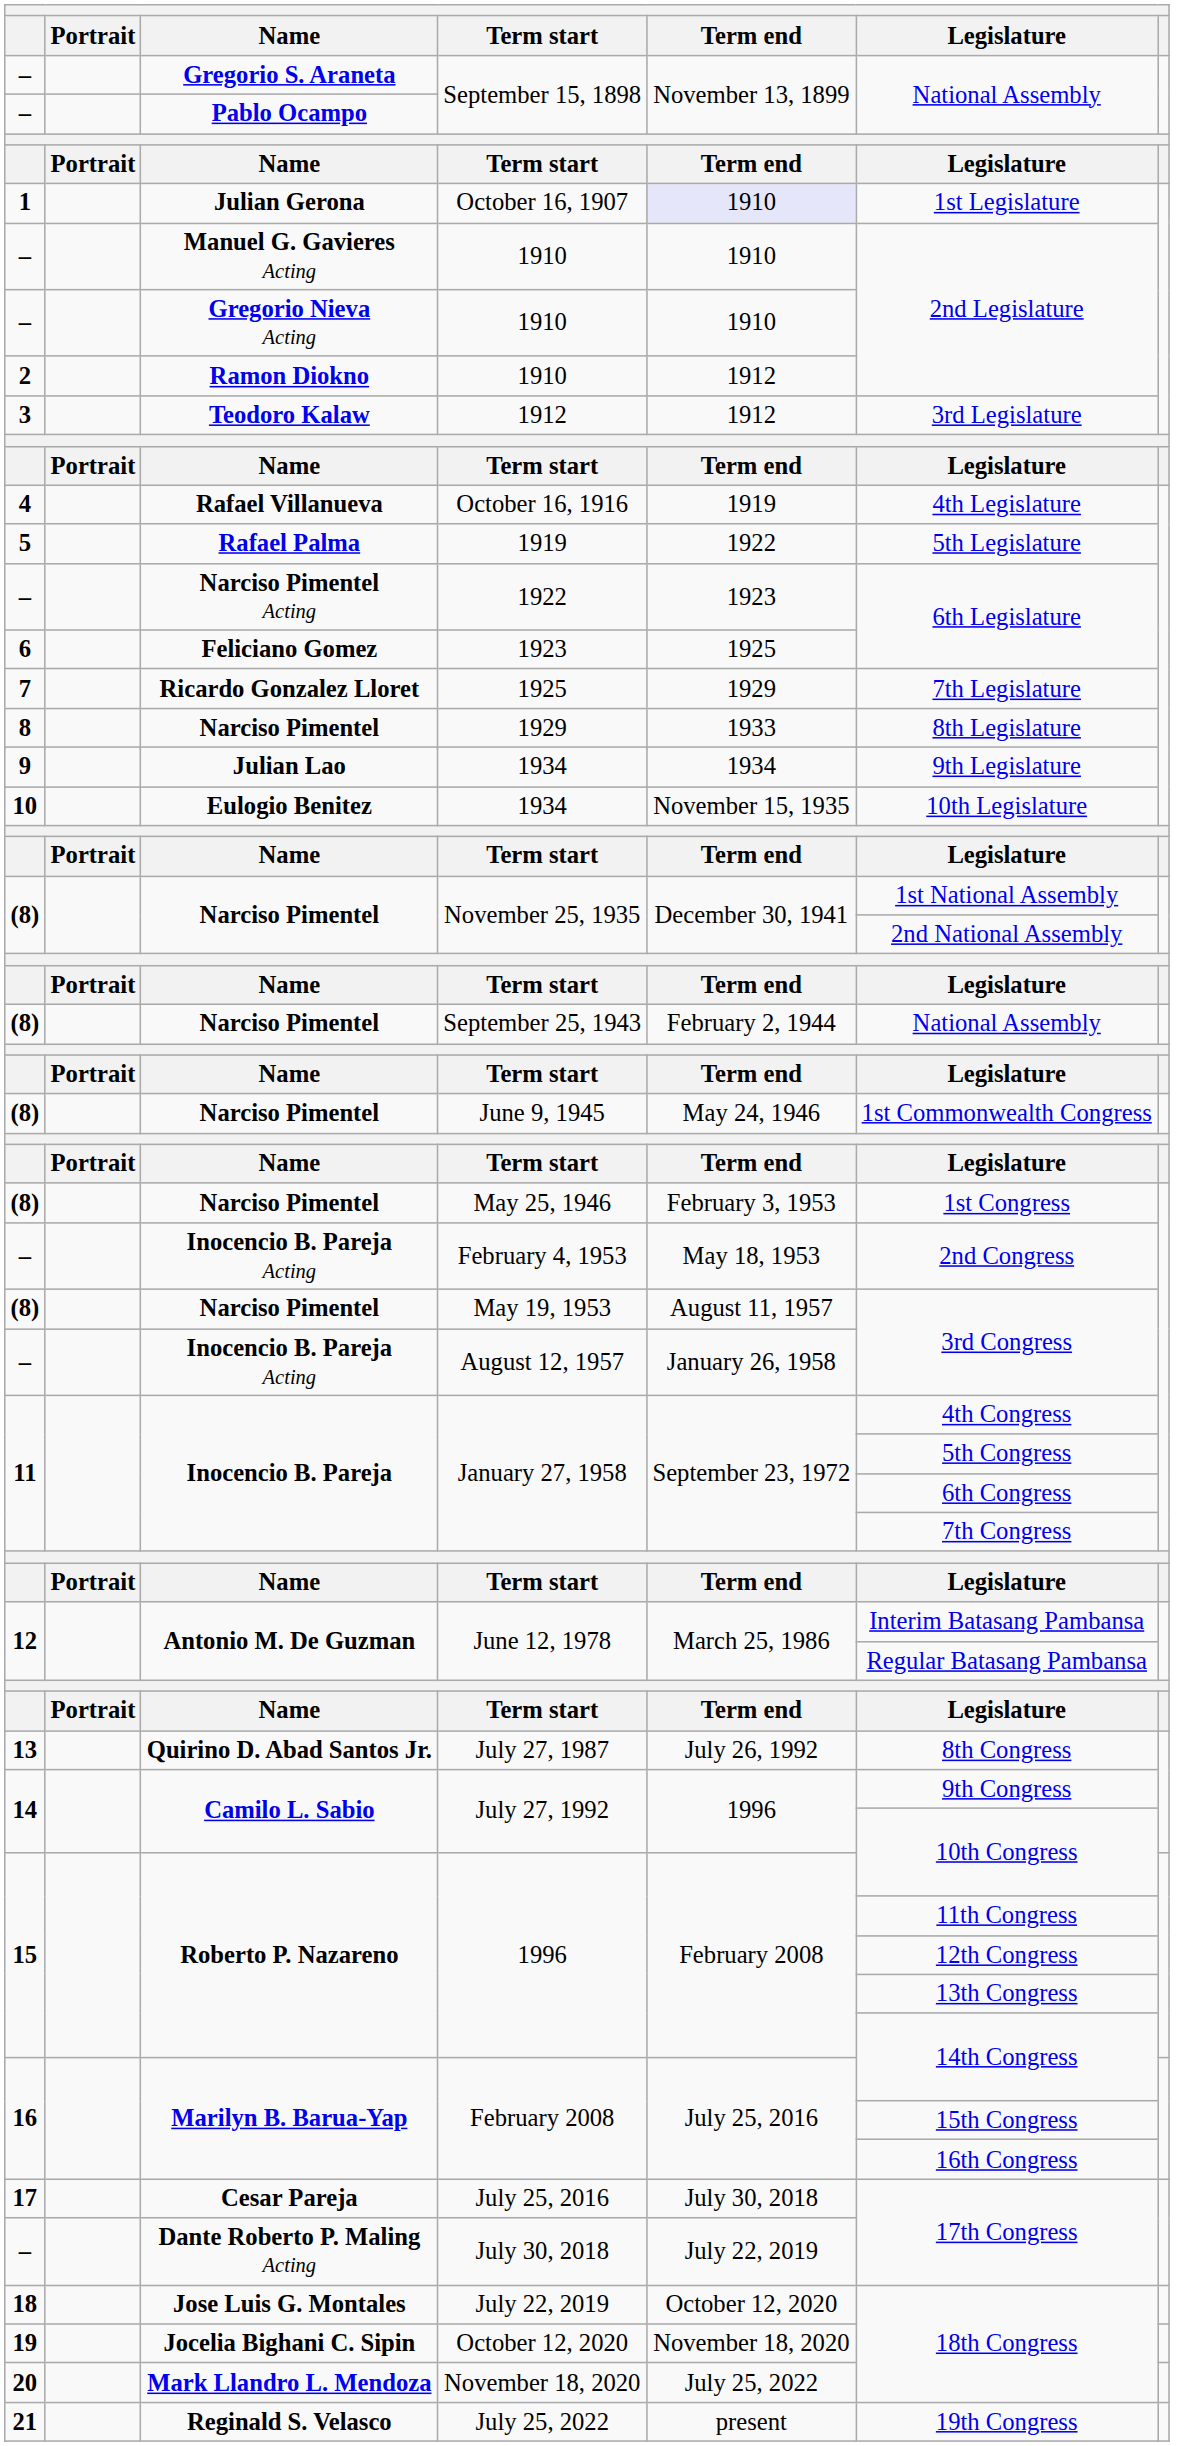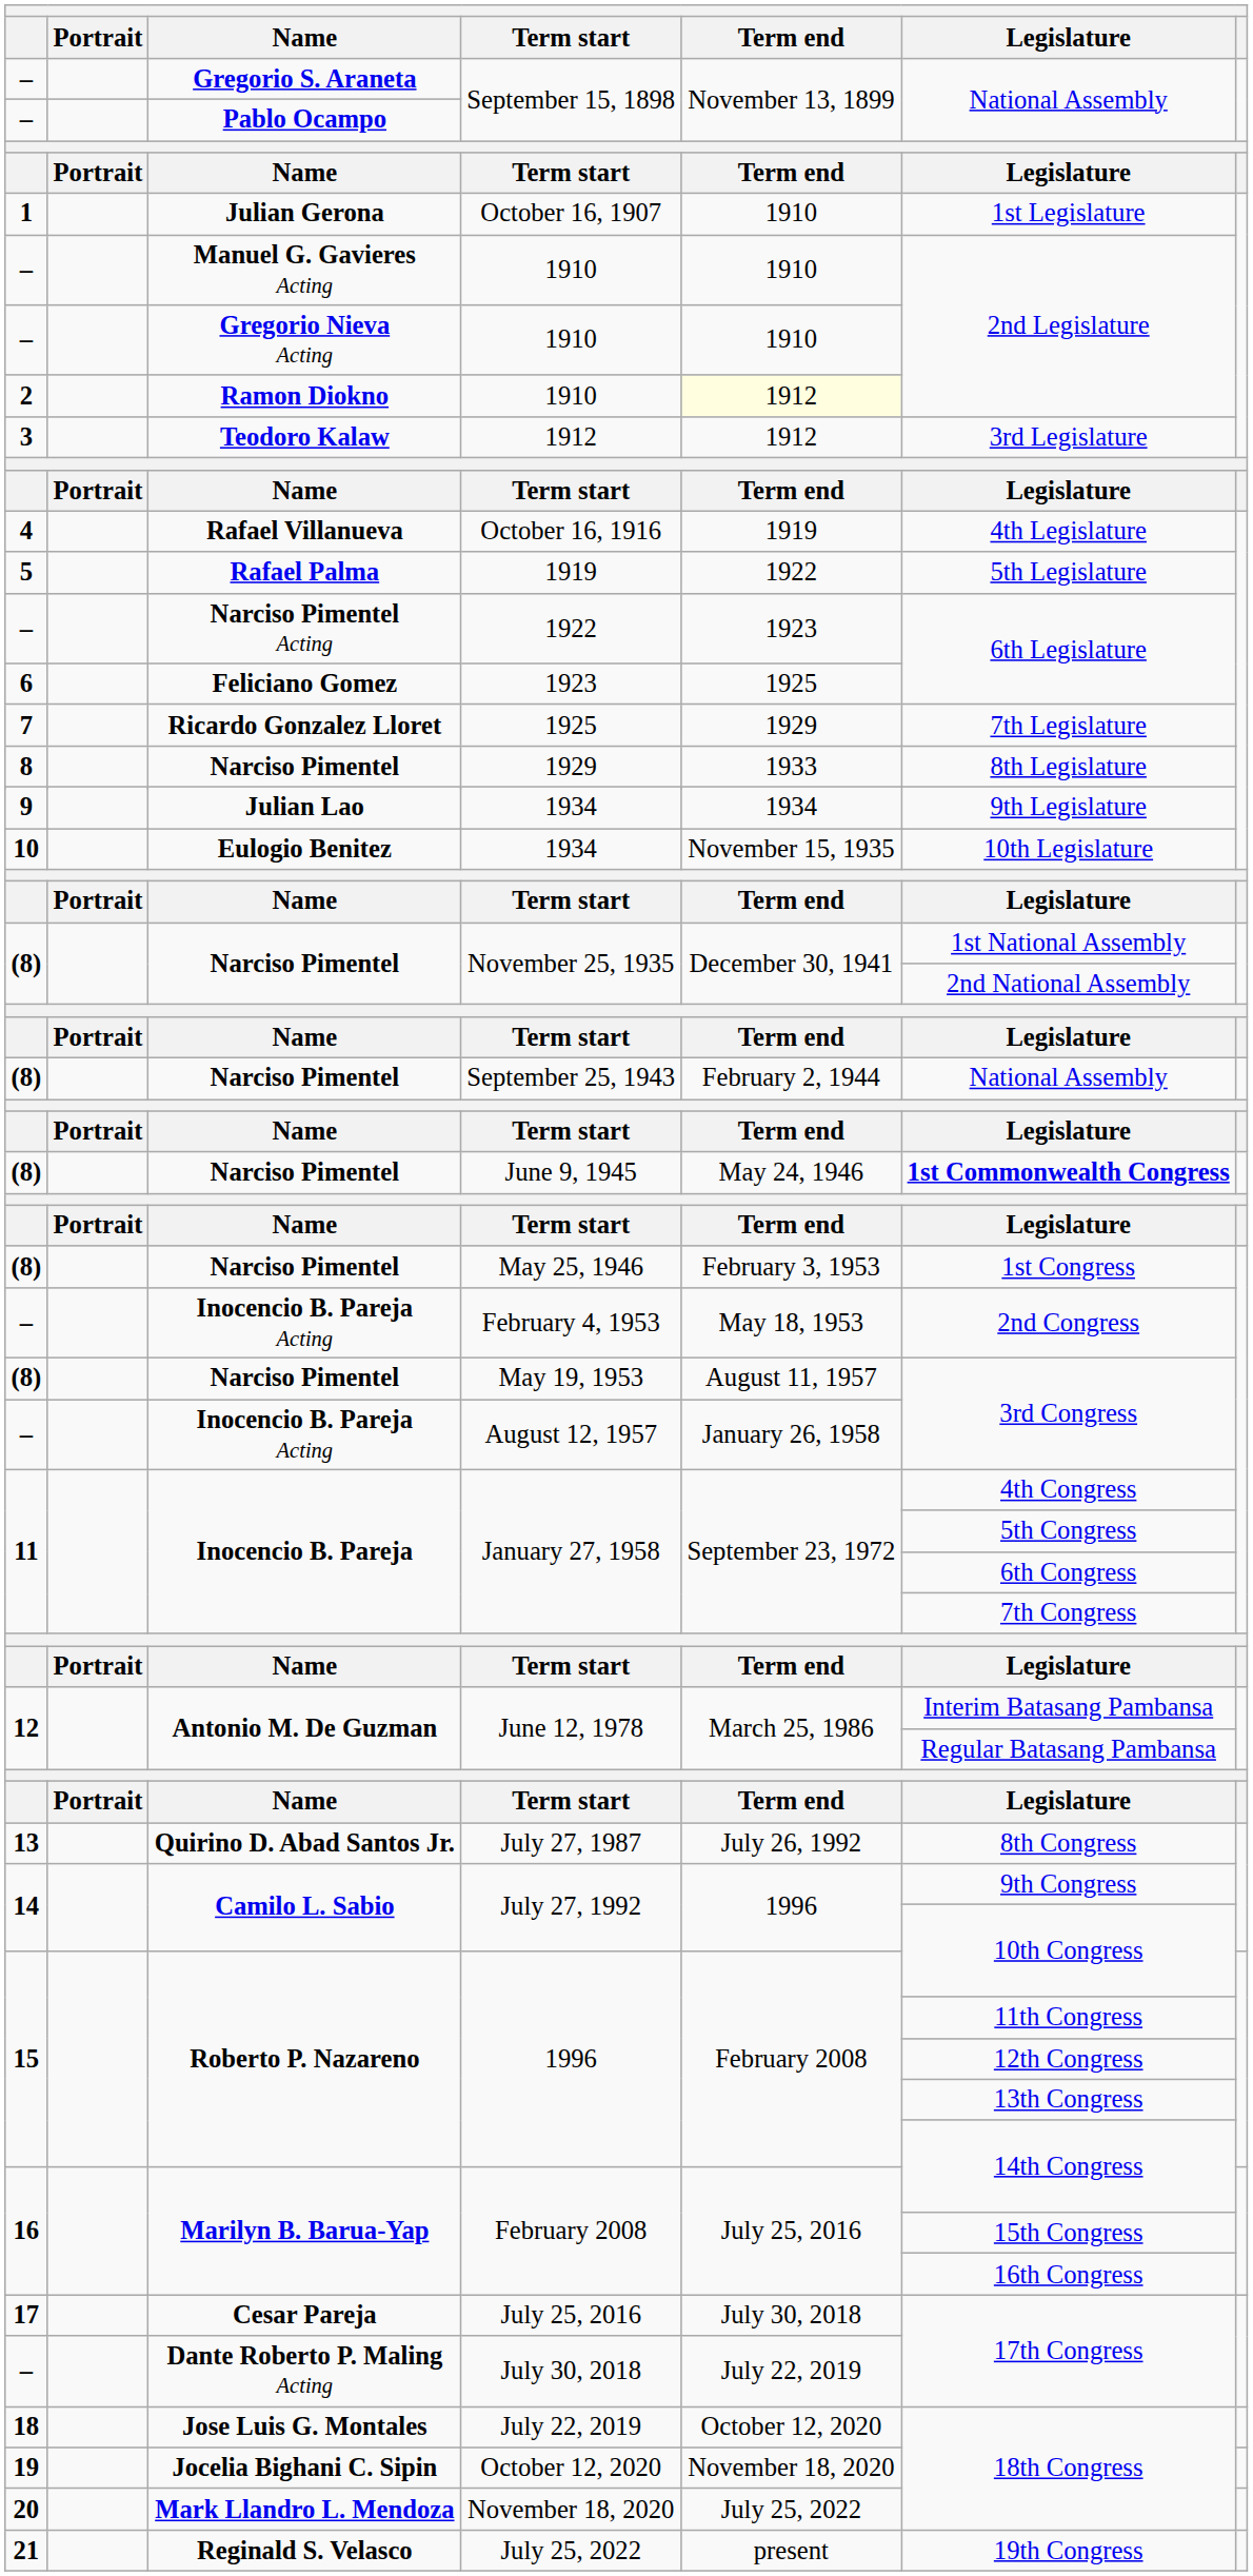 <table class="wikitable" style="text-align:center; border:1px #aaf solid;">
 <tr>
 <th colspan="7"></th>
 </tr>
 <tr>
 <th></th>
 <th>Portrait</th>
 <th>Name</th>
 <th>Term start</th>
 <th>Term end</th>
 <th>Legislature</th>
 <th></th>
 </tr>
 <tr>
 <td><strong>–</strong></td>
 <td></td>
 <td><strong><a href='#'>Gregorio S. Araneta</a></strong></td>
 <td rowspan="2">September 15, 1898</td>
 <td rowspan="2">November 13, 1899</td>
 <td rowspan="2"><a href='#'>National Assembly</a></td>
 <td rowspan="2"></td>
 </tr>
 <tr>
 <td><strong>–</strong></td>
 <td></td>
 <td><a href='#'><strong>Pablo Ocampo</strong></a></td>
 </tr>
 <tr>
 <th colspan="7"></th>
 </tr>
 <tr>
 <th></th>
 <th>Portrait</th>
 <th>Name</th>
 <th>Term start</th>
 <th>Term end</th>
 <th>Legislature</th>
 <th></th>
 </tr>
 <tr>
 <td><strong>1</strong></td>
 <td></td>
 <td><strong>Julian Gerona</strong></td>
 <td>October 16, 1907</td>
-<td style="background: lavender;">1910</td>
+<td>1910</td>
 <td><a href='#'>1st Legislature</a></td>
 <td rowspan="5"></td>
 </tr>
 <tr>
 <td><strong>–</strong></td>
 <td></td>
 <td><strong>Manuel G. Gavieres</strong><br><small><em>Acting</em></small></td>
 <td>1910</td>
 <td>1910</td>
 <td rowspan="3"><a href='#'>2nd Legislature</a></td>
 </tr>
 <tr>
 <td><strong>–</strong></td>
 <td></td>
 <td><a href='#'><strong>Gregorio Nieva</strong></a><br><small><em>Acting</em></small></td>
 <td>1910</td>
 <td>1910</td>
 </tr>
 <tr>
 <td><strong>2</strong></td>
 <td></td>
 <td><a href='#'><strong>Ramon Diokno</strong></a></td>
 <td>1910</td>
-<td>1912</td>
+<td style="background: lightyellow;">1912</td>
 </tr>
 <tr>
 <td><strong>3</strong></td>
 <td></td>
 <td><a href='#'><strong>Teodoro Kalaw</strong></a></td>
 <td>1912</td>
 <td>1912</td>
 <td><a href='#'>3rd Legislature</a></td>
 </tr>
 <tr>
 <th colspan="7"></th>
 </tr>
 <tr>
 <th></th>
 <th>Portrait</th>
 <th>Name</th>
 <th>Term start</th>
 <th>Term end</th>
 <th>Legislature</th>
 <th></th>
 </tr>
 <tr>
 <td><strong>4</strong></td>
 <td></td>
 <td><strong>Rafael Villanueva</strong></td>
 <td>October 16, 1916</td>
 <td>1919</td>
 <td><a href='#'>4th Legislature</a></td>
 <td rowspan="11"></td>
 </tr>
 <tr>
 <td><strong>5</strong></td>
 <td></td>
 <td><a href='#'><strong>Rafael Palma</strong></a></td>
 <td>1919</td>
 <td>1922</td>
 <td><a href='#'>5th Legislature</a></td>
 </tr>
 <tr>
 <td><strong>–</strong></td>
 <td></td>
 <td><strong>Narciso Pimentel</strong><br><small><em>Acting</em></small></td>
 <td>1922</td>
 <td>1923</td>
 <td rowspan="2"><a href='#'>6th Legislature</a></td>
 </tr>
 <tr>
 <td><strong>6</strong></td>
 <td></td>
 <td><strong>Feliciano Gomez</strong></td>
 <td>1923</td>
 <td>1925</td>
 </tr>
 <tr>
 <td rowspan="2"><strong>7</strong></td>
 <td rowspan="2"></td>
 <td rowspan="2"><strong>Ricardo Gonzalez Lloret</strong></td>
 <td rowspan="2">1925</td>
 <td rowspan="2">1929</td>
 <td><a href='#'>7th Legislature</a></td>
 </tr>
 <tr>
 <td rowspan="2"><a href='#'>8th Legislature</a></td>
 </tr>
 <tr>
 <td rowspan="2"><strong>8</strong></td>
 <td rowspan="2"></td>
 <td rowspan="2"><strong>Narciso Pimentel</strong></td>
 <td rowspan="2">1929</td>
 <td rowspan="2">1933</td>
 </tr>
 <tr>
 <td rowspan="3"><a href='#'>9th Legislature</a></td>
 </tr>
 <tr>
 <td><strong>9</strong></td>
 <td></td>
 <td><strong>Julian Lao</strong></td>
 <td>1934</td>
 <td>1934</td>
 </tr>
 <tr>
 <td rowspan="2"><strong>10</strong></td>
 <td rowspan="2"></td>
 <td rowspan="2"><strong>Eulogio Benitez</strong></td>
 <td rowspan="2">1934</td>
 <td rowspan="2">November 15, 1935</td>
 </tr>
 <tr>
 <td><a href='#'>10th Legislature</a></td>
 </tr>
 <tr>
 <th colspan="7"></th>
 </tr>
 <tr>
 <th></th>
 <th>Portrait</th>
 <th>Name</th>
 <th>Term start</th>
 <th>Term end</th>
 <th>Legislature</th>
 <th></th>
 </tr>
 <tr>
 <td rowspan="2"><strong>(8)</strong></td>
 <td rowspan="2"></td>
 <td rowspan="2"><strong>Narciso Pimentel</strong></td>
 <td rowspan="2">November 25, 1935</td>
 <td rowspan="2">December 30, 1941</td>
 <td><a href='#'>1st National Assembly</a></td>
 <td rowspan="2"></td>
 </tr>
 <tr>
 <td><a href='#'>2nd National Assembly</a></td>
 </tr>
 <tr>
 <th colspan="7"></th>
 </tr>
 <tr>
 <th></th>
 <th>Portrait</th>
 <th>Name</th>
 <th>Term start</th>
 <th>Term end</th>
 <th>Legislature</th>
 <th></th>
 </tr>
 <tr>
 <td><strong>(8)</strong></td>
 <td></td>
 <td><strong>Narciso Pimentel</strong></td>
 <td>September 25, 1943</td>
 <td>February 2, 1944</td>
 <td><a href='#'>National Assembly</a></td>
 <td></td>
 </tr>
 <tr>
 <th colspan="7"></th>
 </tr>
 <tr>
 <th></th>
 <th>Portrait</th>
 <th>Name</th>
 <th>Term start</th>
 <th>Term end</th>
 <th>Legislature</th>
 <th></th>
 </tr>
 <tr>
 <td><strong>(8)</strong></td>
 <td></td>
 <td><strong>Narciso Pimentel</strong></td>
 <td>June 9, 1945</td>
 <td>May 24, 1946</td>
-<td><a href='#'>1st Commonwealth Congress</a></td>
+<td><strong><a href='#'>1st Commonwealth Congress</a></strong></td>
 <td></td>
 </tr>
 <tr>
 <th colspan="7"></th>
 </tr>
 <tr>
 <th></th>
 <th>Portrait</th>
 <th>Name</th>
 <th>Term start</th>
 <th>Term end</th>
 <th>Legislature</th>
 <th></th>
 </tr>
 <tr>
 <td rowspan="2"><strong>(8)</strong></td>
 <td rowspan="2"></td>
 <td rowspan="2"><strong>Narciso Pimentel</strong></td>
 <td rowspan="2">May 25, 1946</td>
 <td rowspan="2">February 3, 1953</td>
 <td><a href='#'>1st Congress</a></td>
 <td rowspan="9"></td>
 </tr>
 <tr>
 <td rowspan="2"><a href='#'>2nd Congress</a></td>
 </tr>
 <tr>
 <td><strong>–</strong></td>
 <td></td>
 <td><strong>Inocencio B. Pareja</strong><br><small><em>Acting</em></small></td>
 <td>February 4, 1953</td>
 <td>May 18, 1953</td>
 </tr>
 <tr>
 <td><strong>(8)</strong></td>
 <td></td>
 <td><strong>Narciso Pimentel</strong></td>
 <td>May 19, 1953</td>
 <td>August 11, 1957</td>
 <td rowspan="2"><a href='#'>3rd Congress</a></td>
 </tr>
 <tr>
 <td><strong>–</strong></td>
 <td></td>
 <td><strong>Inocencio B. Pareja</strong><br><small><em>Acting</em></small></td>
 <td>August 12, 1957</td>
 <td>January 26, 1958</td>
 </tr>
 <tr>
 <td rowspan="4"><strong>11</strong></td>
 <td rowspan="4"></td>
 <td rowspan="4"><strong>Inocencio B. Pareja</strong></td>
 <td rowspan="4">January 27, 1958</td>
 <td rowspan="4">September 23, 1972</td>
 <td><a href='#'>4th Congress</a></td>
 </tr>
 <tr>
 <td><a href='#'>5th Congress</a></td>
 </tr>
 <tr>
 <td><a href='#'>6th Congress</a></td>
 </tr>
 <tr>
 <td><a href='#'>7th Congress</a></td>
 </tr>
 <tr>
 <th colspan="7"></th>
 </tr>
 <tr>
 <th></th>
 <th>Portrait</th>
 <th>Name</th>
 <th>Term start</th>
 <th>Term end</th>
 <th>Legislature</th>
 <th></th>
 </tr>
 <tr>
 <td rowspan="2"><strong>12</strong></td>
 <td rowspan="2"></td>
 <td rowspan="2"><strong>Antonio M. De Guzman</strong></td>
 <td rowspan="2">June 12, 1978</td>
 <td rowspan="2">March 25, 1986</td>
 <td><a href='#'>Interim Batasang Pambansa</a></td>
 <td rowspan="2"></td>
 </tr>
 <tr>
 <td><a href='#'>Regular Batasang Pambansa</a></td>
 </tr>
 <tr>
 <th colspan="7"></th>
 </tr>
 <tr>
 <th></th>
 <th>Portrait</th>
 <th>Name</th>
 <th>Term start</th>
 <th>Term end</th>
 <th>Legislature</th>
 <th></th>
 </tr>
 <tr>
 <td><strong>13</strong></td>
 <td></td>
 <td><strong>Quirino D. Abad Santos Jr.</strong></td>
 <td>July 27, 1987</td>
 <td>July 26, 1992</td>
 <td><a href='#'>8th Congress</a></td>
 <td rowspan="3"></td>
 </tr>
 <tr>
 <td rowspan="2"><strong>14</strong></td>
 <td rowspan="2"></td>
 <td rowspan="2"><a href='#'><strong>Camilo L. Sabio</strong></a></td>
 <td rowspan="2">July 27, 1992</td>
 <td rowspan="2">1996</td>
 <td><a href='#'>9th Congress</a></td>
 </tr>
 <tr style="height:28.4px;">
 <td rowspan="2"><a href='#'>10th Congress</a></td>
 </tr>
 <tr style="height:28.4px;">
 <td rowspan="5"><strong>15</strong></td>
 <td rowspan="5"></td>
 <td rowspan="5"><strong>Roberto P. Nazareno</strong></td>
 <td rowspan="5">1996</td>
 <td rowspan="5">February 2008</td>
 <td rowspan="5"></td>
 </tr>
 <tr>
 <td><a href='#'>11th Congress</a></td>
 </tr>
 <tr>
 <td><a href='#'>12th Congress</a></td>
 </tr>
 <tr>
 <td><a href='#'>13th Congress</a></td>
 </tr>
 <tr style="height:28.4px;">
 <td rowspan="2"><a href='#'>14th Congress</a></td>
 </tr>
 <tr style="height:28.4px;">
 <td rowspan="3"><strong>16</strong></td>
 <td rowspan="3"></td>
 <td rowspan="3"><a href='#'><strong>Marilyn B. Barua-Yap</strong></a></td>
 <td rowspan="3">February 2008</td>
 <td rowspan="3">July 25, 2016</td>
 <td rowspan="3"></td>
 </tr>
 <tr>
 <td><a href='#'>15th Congress</a></td>
 </tr>
 <tr>
 <td><a href='#'>16th Congress</a></td>
 </tr>
 <tr>
 <td><strong>17</strong></td>
 <td></td>
 <td><strong>Cesar Pareja</strong></td>
 <td>July 25, 2016</td>
 <td>July 30, 2018</td>
 <td rowspan="2"><a href='#'>17th Congress</a></td>
 <td rowspan="2"></td>
 </tr>
 <tr>
 <td><strong>–</strong></td>
 <td></td>
 <td><strong>Dante Roberto P. Maling</strong><br><small><em>Acting</em></small></td>
 <td>July 30, 2018</td>
 <td>July 22, 2019</td>
 </tr>
 <tr>
 <td><strong>18</strong></td>
 <td></td>
 <td><strong>Jose Luis G. Montales</strong></td>
 <td>July 22, 2019</td>
 <td>October 12, 2020</td>
 <td rowspan="3"><a href='#'>18th Congress</a></td>
 <td></td>
 </tr>
 <tr>
 <td><strong>19</strong></td>
 <td></td>
 <td><strong>Jocelia Bighani C. Sipin</strong></td>
 <td>October 12, 2020</td>
 <td>November 18, 2020</td>
 <td></td>
 </tr>
 <tr>
 <td><strong>20</strong></td>
 <td></td>
 <td><a href='#'><strong>Mark Llandro L. Mendoza</strong></a></td>
 <td>November 18, 2020</td>
 <td>July 25, 2022</td>
 <td></td>
 </tr>
 <tr>
 <td><strong>21</strong></td>
 <td></td>
 <td><strong>Reginald S. Velasco</strong></td>
 <td>July 25, 2022</td>
 <td>present</td>
 <td><a href='#'>19th Congress</a></td>
 <td></td>
 </tr>
 </table>
